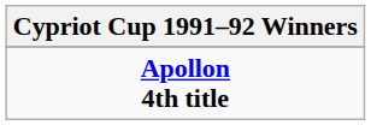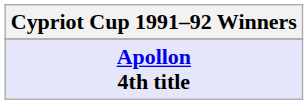 <table class="wikitable" style="text-align:center;margin: 0 auto;">
 <tr>
 <th>Cypriot Cup 1991–92 Winners</th>
 </tr>
 <tr>
 </tr>
 <tr>
-<td><strong><a href='#'>Apollon</a></strong><br><strong>4th title</strong></td>
+<td style="background: lavender;"><strong><a href='#'>Apollon</a></strong><br><strong>4th title</strong></td>
 </tr>
 </table>
